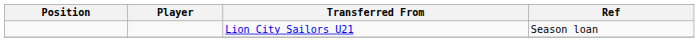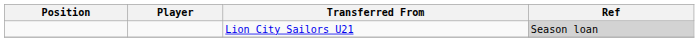 <table class="wikitable sortable" style="width:70%; text-align:center; font-size:100%; text-align:left;">
 <tr>
 <th><strong>Position</strong></th>
 <th><strong>Player</strong></th>
 <th><strong>Transferred From</strong></th>
 <th><strong>Ref</strong></th>
 </tr>
 <tr>
 <td></td>
 <td></td>
 <td> <a href='#'>Lion City Sailors U21</a></td>
-<td>Season loan</td>
+<td style="background: lightgrey;">Season loan</td>
 </tr>
 <tr>
 </tr>
 </table>
